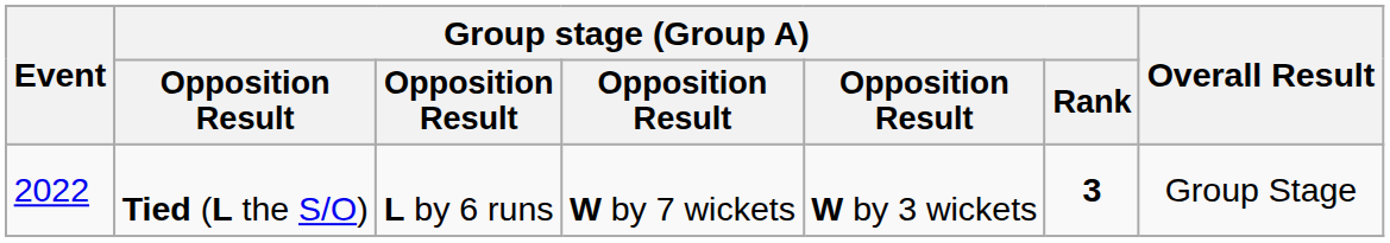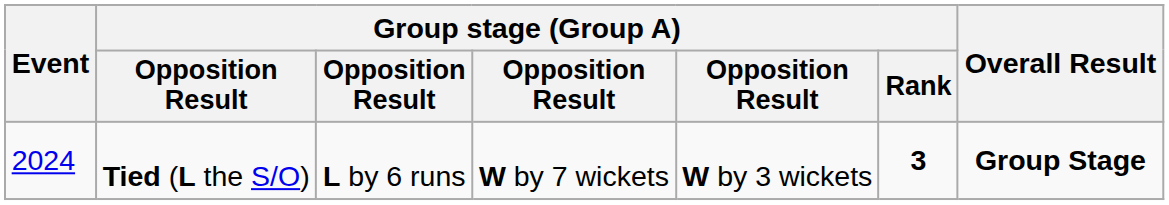 <table class=wikitable style=font-size:90%;text-align:center>
 <tr>
 <th rowspan=2>Event</th>
 <th colspan=5>Group stage (Group A)</th>
 <th rowspan=2>Overall Result</th>
 </tr>
 <tr style=font-size:95%>
 <th>Opposition<br>Result</th>
 <th>Opposition<br>Result</th>
 <th>Opposition<br>Result</th>
 <th>Opposition<br>Result</th>
 <th>Rank</th>
 </tr>
 <tr>
-<td align=left><a href='#'>2022</a></td>
+<td align=left><a href='#'>2024</a></td>
 <td><br><strong>Tied</strong> (<strong>L</strong> the <a href='#'>S/O</a>)</td>
 <td><br><strong>L</strong> by 6 runs</td>
 <td><br><strong>W</strong> by 7 wickets</td>
 <td><br><strong>W</strong> by 3 wickets</td>
 <td><strong>3</strong></td>
-<td>Group Stage</td>
+<td><strong>Group Stage</strong></td>
 </tr>
 </table>
